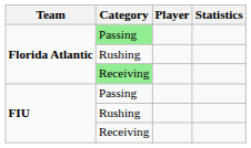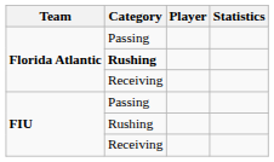 <table class="wikitable" style="float: right;">
 <tr>
 <th>Team</th>
 <th>Category</th>
 <th>Player</th>
 <th>Statistics</th>
 </tr>
 <tr>
 <td rowspan=3><strong>Florida Atlantic</strong></td>
-<td style="background: lightgreen;">Passing</td>
+<td>Passing</td>
 <td></td>
 <td></td>
 </tr>
 <tr>
-<td>Rushing</td>
+<td><strong>Rushing</strong></td>
 <td></td>
 <td></td>
 </tr>
 <tr>
-<td style="background: lightgreen;">Receiving</td>
+<td>Receiving</td>
 <td></td>
 <td></td>
 </tr>
 <tr>
 <td rowspan=3><strong>FIU</strong></td>
 <td>Passing</td>
 <td></td>
 <td></td>
 </tr>
 <tr>
 <td>Rushing</td>
 <td></td>
 <td></td>
 </tr>
 <tr>
 <td>Receiving</td>
 <td></td>
 <td></td>
 </tr>
 </table>
